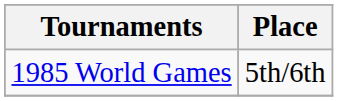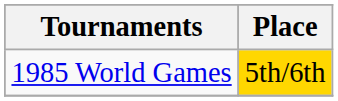 <table class="wikitable collapsible">
 <tr>
 <th>Tournaments</th>
 <th>Place</th>
 </tr>
 <tr>
 <td><a href='#'>1985 World Games</a></td>
-<td>5th/6th</td>
+<td style="background: gold;">5th/6th</td>
 </tr>
 <tr>
 </tr>
 </table>
